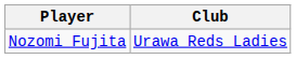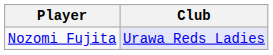 <table class="wikitable">
 <tr>
 <th>Player</th>
 <th>Club</th>
 </tr>
 <tr>
 <td> <a href='#'>Nozomi Fujita</a></td>
-<td><a href='#'>Urawa Reds Ladies</a></td>
+<td style="background: lavender;"><a href='#'>Urawa Reds Ladies</a></td>
 </tr>
 </table>
